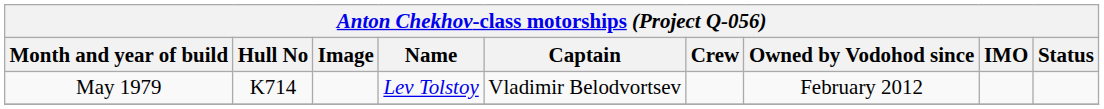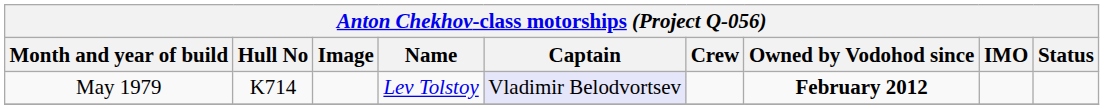 <table class="wikitable" style="text-align:center">
 <tr>
 <th colspan="9" style="text-align:center"><a href='#'><em>Anton Chekhov</em>-class motorships</a> <em>(Project Q-056)</em></th>
 </tr>
 <tr>
 <th>Month and year of build</th>
 <th>Hull No</th>
 <th>Image</th>
 <th>Name</th>
 <th>Captain</th>
 <th>Crew</th>
 <th>Owned by Vodohod since</th>
 <th>IMO</th>
 <th>Status</th>
 </tr>
 <tr ---->
 <td>May 1979</td>
 <td align="Center">K714</td>
 <td align="Center"></td>
 <td align="Center"><em><a href='#'>Lev Tolstoy</a></em></td>
-<td align="Center">Vladimir Belodvortsev</td>
+<td align="Center" style="background: lavender;">Vladimir Belodvortsev</td>
 <td align="Center"></td>
-<td>February 2012</td>
+<td><strong>February 2012</strong></td>
 <td align="Center"></td>
 <td align="Center"></td>
 </tr>
 <tr ---->
 </tr>
 </table>
